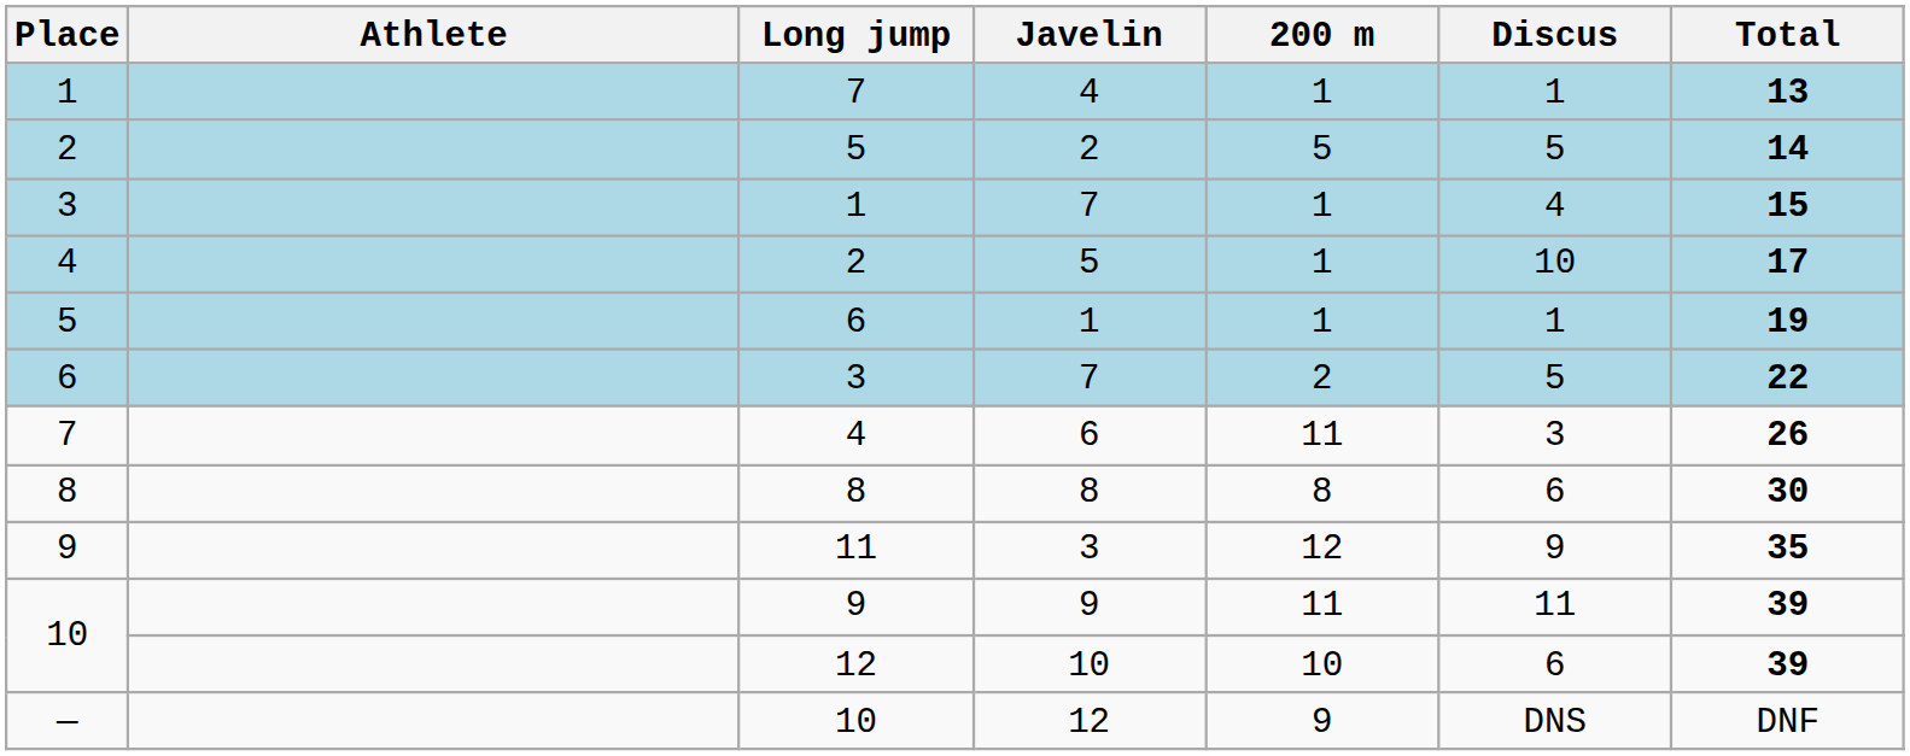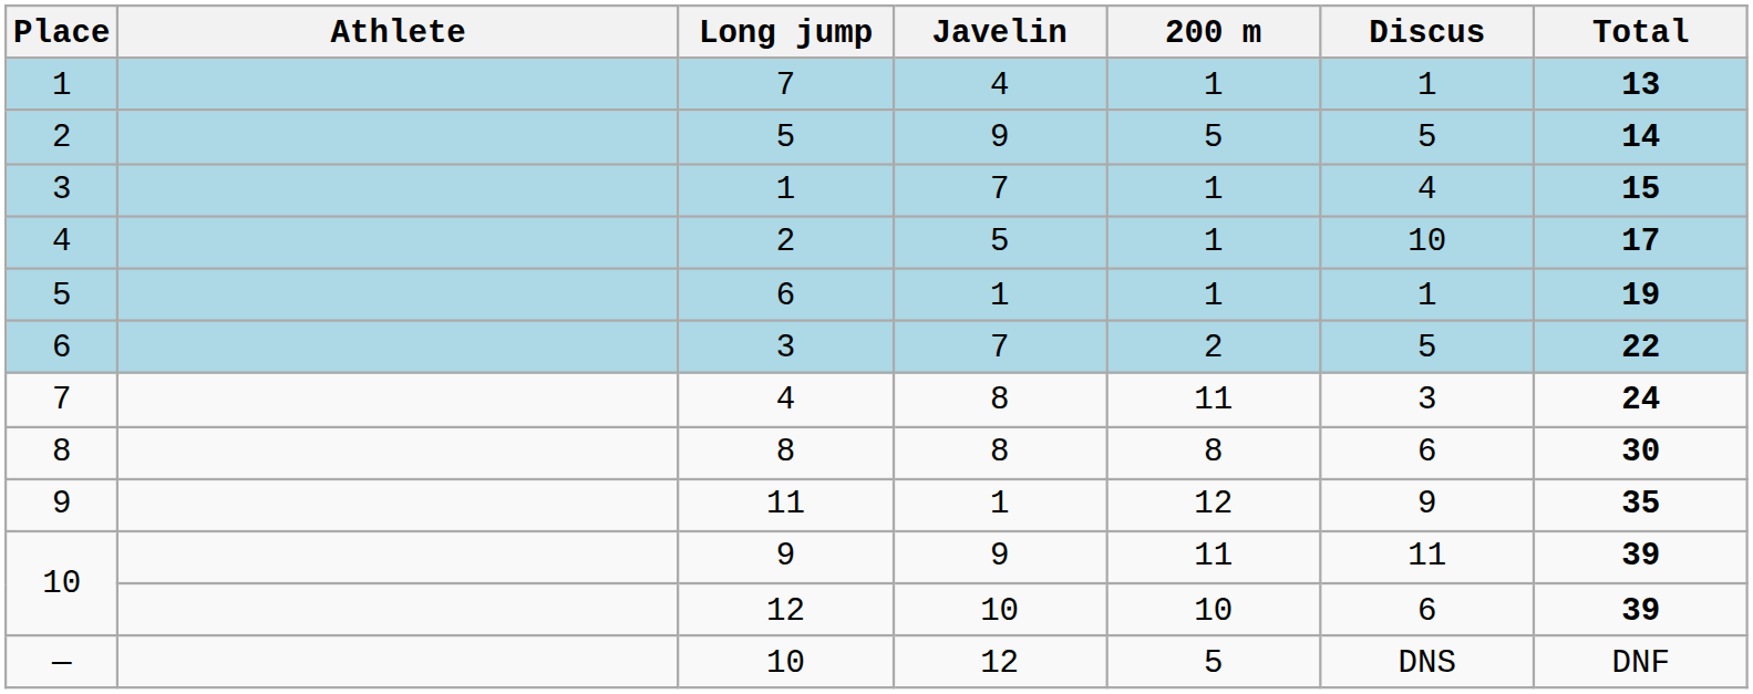 <table class=wikitable style="text-align:center">
 <tr>
 <th width=20>Place</th>
 <th width=220>Athlete</th>
 <th width=80>Long jump</th>
 <th width=80>Javelin</th>
 <th width=80>200 m</th>
 <th width=80>Discus</th>
 <th width=80>Total</th>
 </tr>
 <tr bgcolor=lightblue>
 <td>1</td>
 <td align=left></td>
 <td>7</td>
 <td>4</td>
 <td>1</td>
 <td>1</td>
 <td><strong>13</strong></td>
 </tr>
 <tr bgcolor=lightblue>
 <td>2</td>
 <td align=left></td>
 <td>5</td>
-<td>2</td>
+<td>9</td>
 <td>5</td>
 <td>5</td>
 <td><strong>14</strong></td>
 </tr>
 <tr bgcolor=lightblue>
 <td>3</td>
 <td align=left></td>
 <td>1</td>
 <td>7</td>
 <td>1</td>
 <td>4</td>
 <td><strong>15</strong></td>
 </tr>
 <tr bgcolor=lightblue>
 <td>4</td>
 <td align=left></td>
 <td>2</td>
 <td>5</td>
 <td>1</td>
 <td>10</td>
 <td><strong>17</strong></td>
 </tr>
 <tr bgcolor=lightblue>
 <td>5</td>
 <td align=left></td>
 <td>6</td>
 <td>1</td>
 <td>1</td>
 <td>1</td>
 <td><strong>19</strong></td>
 </tr>
 <tr bgcolor=lightblue>
 <td>6</td>
 <td align=left></td>
 <td>3</td>
 <td>7</td>
 <td>2</td>
 <td>5</td>
 <td><strong>22</strong></td>
 </tr>
 <tr>
 <td>7</td>
 <td align=left></td>
 <td>4</td>
-<td>6</td>
+<td>8</td>
 <td>11</td>
 <td>3</td>
-<td><strong>26</strong></td>
+<td><strong>24</strong></td>
 </tr>
 <tr>
 <td>8</td>
 <td align=left></td>
 <td>8</td>
 <td>8</td>
 <td>8</td>
 <td>6</td>
 <td><strong>30</strong></td>
 </tr>
 <tr>
 <td>9</td>
 <td align=left></td>
 <td>11</td>
-<td>3</td>
+<td>1</td>
 <td>12</td>
 <td>9</td>
 <td><strong>35</strong></td>
 </tr>
 <tr>
 <td rowspan=2>10</td>
 <td align=left></td>
 <td>9</td>
 <td>9</td>
 <td>11</td>
 <td>11</td>
 <td><strong>39</strong></td>
 </tr>
 <tr>
 <td align=left></td>
 <td>12</td>
 <td>10</td>
 <td>10</td>
 <td>6</td>
 <td><strong>39</strong></td>
 </tr>
 <tr>
 <td>—</td>
 <td align=left></td>
 <td>10</td>
 <td>12</td>
-<td>9</td>
+<td>5</td>
 <td>DNS</td>
 <td>DNF</td>
 </tr>
 </table>
